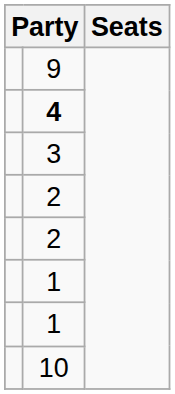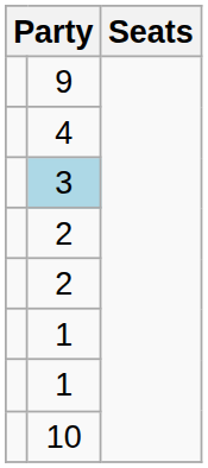 <table class="wikitable" style="font-size: 95%;">
 <tr>
 <th colspan=2>Party</th>
 <th>Seats</th>
 </tr>
 <tr>
 <td></td>
 <td align="center">9</td>
 </tr>
 <tr>
 <td></td>
-<td align="center"><strong>4</strong></td>
+<td align="center">4</td>
 </tr>
 <tr>
 <td></td>
-<td align="center">3</td>
+<td align="center" style="background: lightblue;">3</td>
 </tr>
 <tr>
 <td></td>
 <td align="center">2</td>
 </tr>
 <tr>
 <td></td>
 <td align="center">2</td>
 </tr>
 <tr>
 <td></td>
 <td align="center">1</td>
 </tr>
 <tr>
 <td></td>
 <td align="center">1</td>
 </tr>
 <tr>
 <td></td>
 <td align="center">10</td>
 </tr>
 </table>
